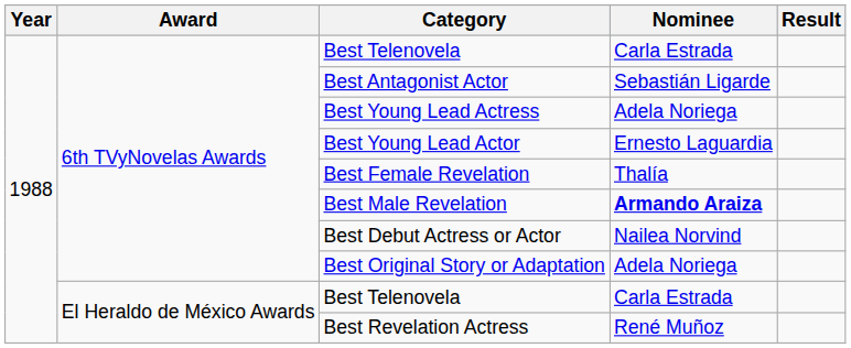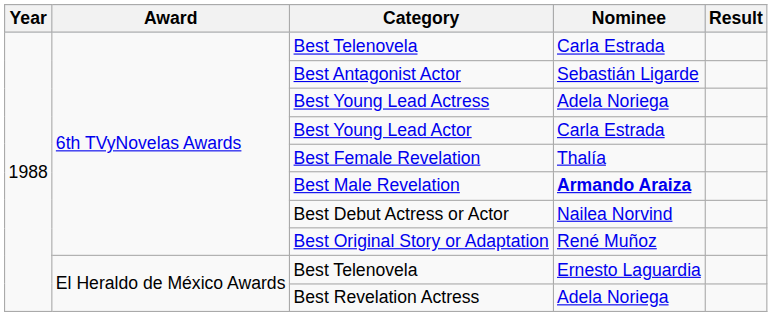 <table class="wikitable">
 <tr style="background:#b0c4de;">
 <th>Year</th>
 <th>Award</th>
 <th>Category</th>
 <th>Nominee</th>
 <th>Result</th>
 </tr>
 <tr>
 <td rowspan=10>1988</td>
 <td rowspan=8><a href='#'>6th TVyNovelas Awards</a></td>
 <td><a href='#'>Best Telenovela</a></td>
 <td><a href='#'>Carla Estrada</a></td>
 <td></td>
 </tr>
 <tr>
 <td><a href='#'>Best Antagonist Actor</a></td>
 <td><a href='#'>Sebastián Ligarde</a></td>
 <td> </td>
 </tr>
 <tr>
 <td><a href='#'>Best Young Lead Actress</a></td>
 <td><a href='#'>Adela Noriega</a></td>
 <td></td>
 </tr>
 <tr>
 <td><a href='#'>Best Young Lead Actor</a></td>
-<td><a href='#'>Ernesto Laguardia</a></td>
+<td><a href='#'>Carla Estrada</a></td>
 <td></td>
 </tr>
 <tr>
 <td><a href='#'>Best Female Revelation</a></td>
 <td><a href='#'>Thalía</a></td>
 <td></td>
 </tr>
 <tr>
 <td><a href='#'>Best Male Revelation</a></td>
 <td><strong><a href='#'>Armando Araiza</a></strong></td>
 <td></td>
 </tr>
 <tr>
 <td>Best Debut Actress or Actor</td>
 <td><a href='#'>Nailea Norvind</a></td>
 <td></td>
 </tr>
 <tr>
 <td><a href='#'>Best Original Story or Adaptation</a></td>
-<td><a href='#'>Adela Noriega</a></td>
+<td><a href='#'>René Muñoz</a></td>
 <td></td>
 </tr>
 <tr>
 <td rowspan=2>El Heraldo de México Awards</td>
 <td>Best Telenovela</td>
-<td><a href='#'>Carla Estrada</a></td>
+<td><a href='#'>Ernesto Laguardia</a></td>
 <td></td>
 </tr>
 <tr>
 <td>Best Revelation Actress</td>
-<td><a href='#'>René Muñoz</a></td>
+<td><a href='#'>Adela Noriega</a></td>
 <td></td>
 </tr>
 </table>
